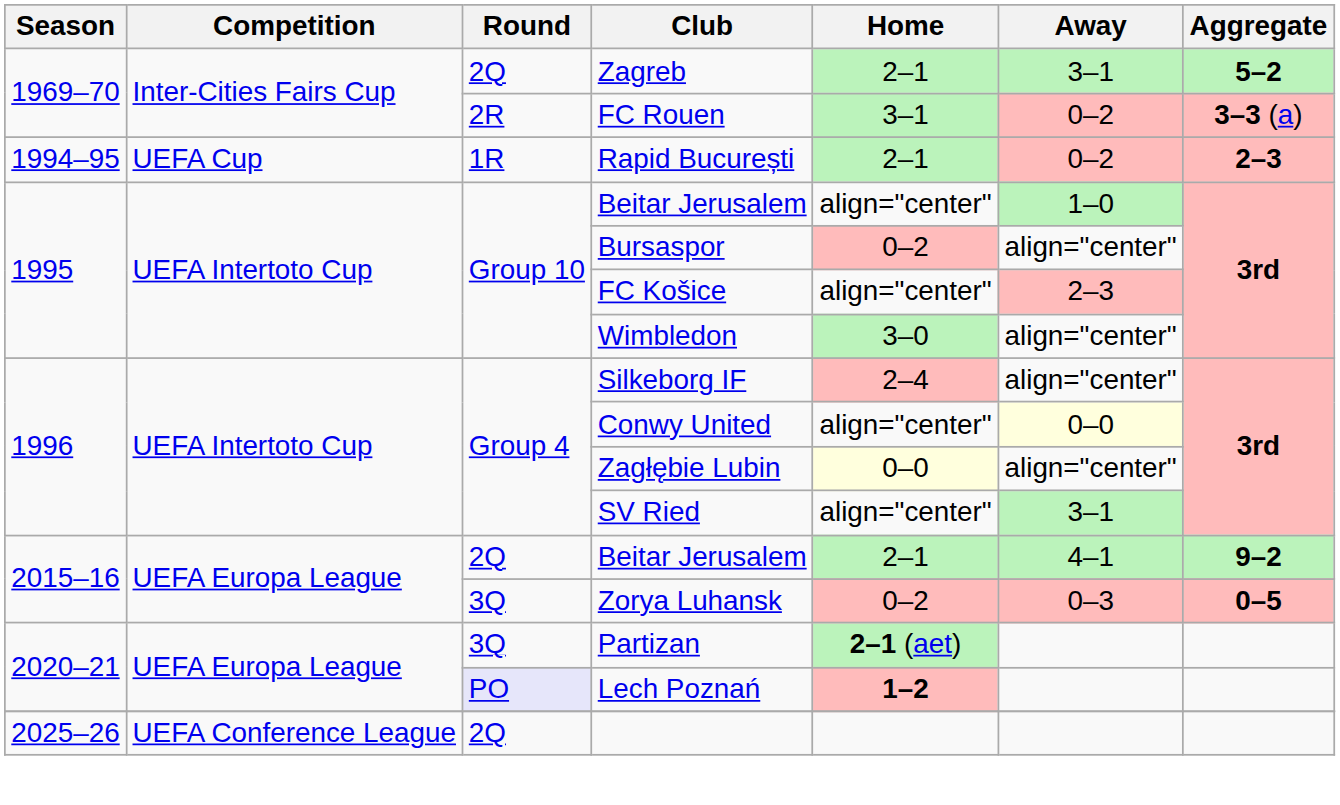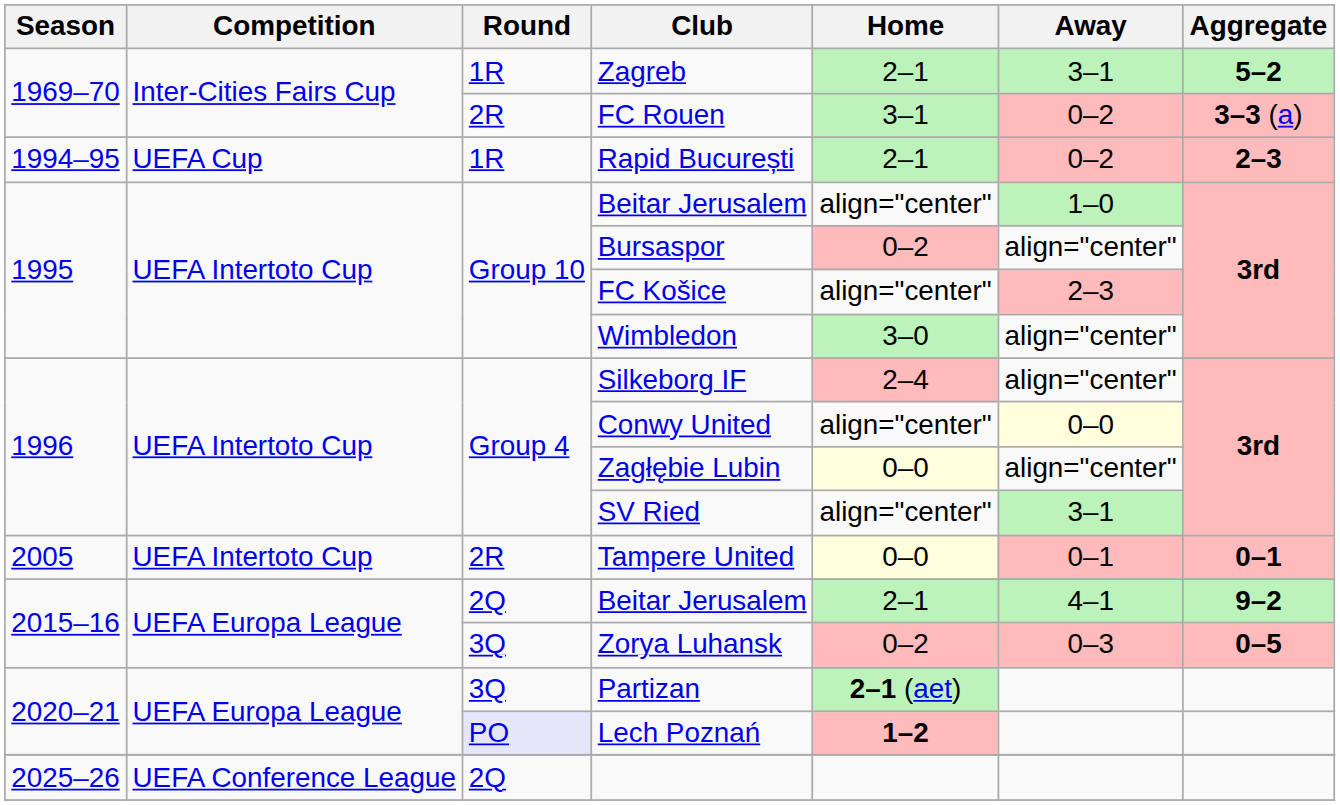 <table class="wikitable">
 <tr>
 <th>Season</th>
 <th>Competition</th>
 <th>Round</th>
 <th>Club</th>
 <th>Home</th>
 <th>Away</th>
 <th>Aggregate</th>
 </tr>
 <tr>
 <td rowspan="2"><a href='#'>1969–70</a></td>
 <td rowspan="2"><a href='#'>Inter-Cities Fairs Cup</a></td>
-<td><a href='#'>2Q</a></td>
+<td><a href='#'>1R</a></td>
 <td> <a href='#'>Zagreb</a></td>
 <td align="center" style="background: #BBF3BB;">2–1</td>
 <td align="center" style="background: #BBF3BB;">3–1</td>
 <td align="center" style="background: #BBF3BB;"><strong>5–2</strong></td>
 </tr>
 <tr>
 <td><a href='#'>2R</a></td>
 <td> <a href='#'>FC Rouen</a></td>
 <td align="center" style="background: #BBF3BB;">3–1</td>
 <td align="center" style="background: #FFBBBB;">0–2</td>
 <td align="center" style="background: #FFBBBB;"><strong>3–3</strong> (<a href='#'>a</a>)</td>
 </tr>
 <tr>
 <td><a href='#'>1994–95</a></td>
 <td><a href='#'>UEFA Cup</a></td>
 <td><a href='#'>1R</a></td>
 <td> <a href='#'>Rapid București</a></td>
 <td align="center" style="background: #BBF3BB;">2–1</td>
 <td align="center" style="background: #FFBBBB;">0–2</td>
 <td align="center" style="background: #FFBBBB;"><strong>2–3</strong></td>
 </tr>
 <tr>
 <td rowspan="4"><a href='#'>1995</a></td>
 <td rowspan="4"><a href='#'>UEFA Intertoto Cup</a></td>
 <td rowspan="4"><a href='#'>Group 10</a></td>
 <td> <a href='#'>Beitar Jerusalem</a></td>
 <td>align="center" </td>
 <td align="center" style="background: #BBF3BB;">1–0</td>
 <td align="center" rowspan=4 style="background: #FFBBBB;"><strong>3rd</strong></td>
 </tr>
 <tr>
 <td> <a href='#'>Bursaspor</a></td>
 <td align="center" style="background: #FFBBBB;">0–2</td>
 <td>align="center" </td>
 </tr>
 <tr>
 <td> <a href='#'>FC Košice</a></td>
 <td>align="center" </td>
 <td align="center" style="background: #FFBBBB;">2–3</td>
 </tr>
 <tr>
 <td> <a href='#'>Wimbledon</a></td>
 <td align="center" style="background: #BBF3BB;">3–0</td>
 <td>align="center" </td>
 </tr>
 <tr>
 <td rowspan="4"><a href='#'>1996</a></td>
 <td rowspan="4"><a href='#'>UEFA Intertoto Cup</a></td>
 <td rowspan="4"><a href='#'>Group 4</a></td>
 <td> <a href='#'>Silkeborg IF</a></td>
 <td align="center" style="background: #FFBBBB;">2–4</td>
 <td>align="center" </td>
 <td align="center" rowspan=4 style="background: #FFBBBB;"><strong>3rd</strong></td>
 </tr>
 <tr>
 <td> <a href='#'>Conwy United</a></td>
 <td>align="center" </td>
 <td align="center" style="background: #ffffdd;">0–0</td>
 </tr>
 <tr>
 <td> <a href='#'>Zagłębie Lubin</a></td>
 <td align="center" style="background: #ffffdd;">0–0</td>
 <td>align="center" </td>
 </tr>
 <tr>
 <td> <a href='#'>SV Ried</a></td>
 <td>align="center" </td>
 <td align="center" style="background: #BBF3BB;">3–1</td>
 </tr>
 <tr>
+<td><a href='#'>2005</a></td>
+<td><a href='#'>UEFA Intertoto Cup</a></td>
+<td><a href='#'>2R</a></td>
+<td> <a href='#'>Tampere United</a></td>
+<td align="center" style="background: #ffffdd;">0–0</td>
+<td align="center" style="background: #FFBBBB;">0–1</td>
+<td align="center" style="background: #FFBBBB;"><strong>0–1</strong></td>
+</tr>
+<tr>
 <td rowspan=2><a href='#'>2015–16</a></td>
 <td rowspan=2><a href='#'>UEFA Europa League</a></td>
 <td><a href='#'>2Q</a></td>
 <td> <a href='#'>Beitar Jerusalem</a></td>
 <td align="center" style="background: #BBF3BB;">2–1</td>
 <td align="center" style="background: #BBF3BB;">4–1</td>
 <td align="center" style="background: #BBF3BB;"><strong>9–2</strong></td>
 </tr>
 <tr>
 <td><a href='#'>3Q</a></td>
 <td> <a href='#'>Zorya Luhansk</a></td>
 <td align="center" style="background: #FFBBBB;">0–2</td>
 <td align="center" style="background: #FFBBBB;">0–3</td>
 <td align="center" style="background: #FFBBBB;"><strong>0–5</strong></td>
 </tr>
 <tr>
 <td rowspan=2><a href='#'>2020–21</a></td>
 <td rowspan=2><a href='#'>UEFA Europa League</a></td>
 <td><a href='#'>3Q</a></td>
 <td> <a href='#'>Partizan</a></td>
 <td align="center" style="background: #BBF3BB;"><strong>2–1</strong> (<a href='#'>aet</a>)</td>
 <td></td>
 <td></td>
 </tr>
 <tr>
 <td style="background: lavender;"><a href='#'>PO</a></td>
 <td> <a href='#'>Lech Poznań</a></td>
 <td align="center" style="background: #FFBBBB;"><strong>1–2</strong></td>
 <td></td>
 <td></td>
 </tr>
 <tr>
 </tr>
 <tr>
 <td><a href='#'>2025–26</a></td>
 <td><a href='#'>UEFA Conference League</a></td>
 <td><a href='#'>2Q</a></td>
 <td></td>
 <td></td>
 <td></td>
 <td></td>
 </tr>
 </table>
